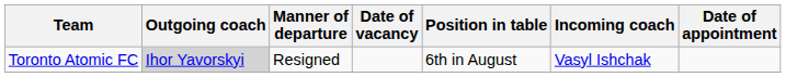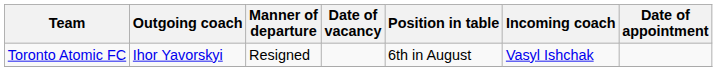 <table class="wikitable sortable">
 <tr>
 <th>Team</th>
 <th>Outgoing coach</th>
 <th>Manner of <br> departure</th>
 <th>Date of <br> vacancy</th>
 <th>Position in table</th>
 <th>Incoming coach</th>
 <th>Date of <br> appointment</th>
 </tr>
 <tr>
 <td><a href='#'>Toronto Atomic FC</a></td>
-<td style="background: lightgrey;"> <a href='#'>Ihor Yavorskyi</a></td>
+<td> <a href='#'>Ihor Yavorskyi</a></td>
 <td>Resigned</td>
 <td></td>
 <td>6th in August</td>
 <td> <a href='#'>Vasyl Ishchak</a></td>
 <td></td>
 </tr>
 <tr>
 </tr>
 </table>
